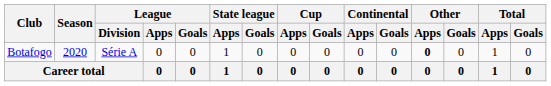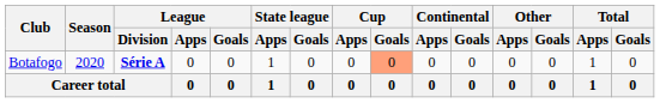 <table class="wikitable" style="text-align: center">
 <tr>
 <th rowspan="2">Club</th>
 <th rowspan="2">Season</th>
 <th colspan="3">League</th>
 <th colspan="2">State league</th>
 <th colspan="2">Cup</th>
 <th colspan="2">Continental</th>
 <th colspan="2">Other</th>
 <th colspan="2">Total</th>
 </tr>
 <tr>
 <th>Division</th>
 <th>Apps</th>
 <th>Goals</th>
 <th>Apps</th>
 <th>Goals</th>
 <th>Apps</th>
 <th>Goals</th>
 <th>Apps</th>
 <th>Goals</th>
 <th>Apps</th>
 <th>Goals</th>
 <th>Apps</th>
 <th>Goals</th>
 </tr>
 <tr>
 <td><a href='#'>Botafogo</a></td>
 <td><a href='#'>2020</a></td>
-<td><a href='#'>Série A</a></td>
+<td><strong><a href='#'>Série A</a></strong></td>
 <td>0</td>
 <td>0</td>
 <td>1</td>
 <td>0</td>
 <td>0</td>
+<td style="background: lightsalmon;">0</td>
 <td>0</td>
 <td>0</td>
 <td>0</td>
-<td><strong>0</strong></td>
 <td>0</td>
 <td>1</td>
 <td>0</td>
 </tr>
 <tr>
 <th colspan="3"><strong>Career total</strong></th>
 <th>0</th>
 <th>0</th>
 <th>1</th>
 <th>0</th>
 <th>0</th>
 <th>0</th>
 <th>0</th>
 <th>0</th>
 <th>0</th>
 <th>0</th>
 <th>1</th>
 <th>0</th>
 </tr>
 </table>
